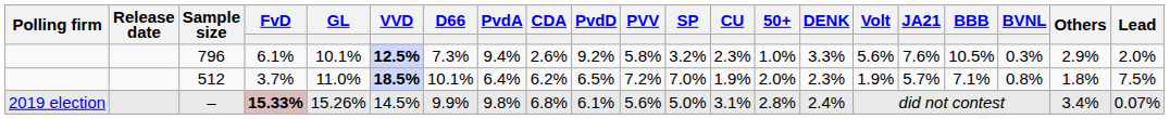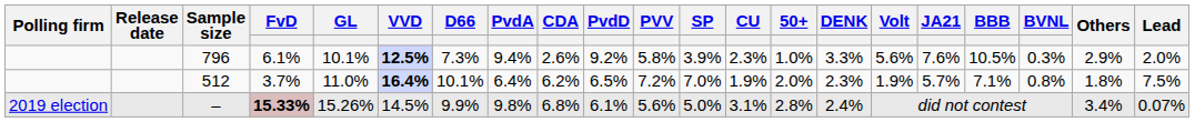 <table class="wikitable sortable tpl-blanktable" style="text-align:center;font-size:90%;line-height:14px;">
 <tr>
 <th rowspan="2">Polling firm</th>
 <th rowspan="2">Release<br>date</th>
 <th rowspan="2">Sample<br>size</th>
 <th class="unsortable" style="width:30px;"><a href='#'>FvD</a></th>
 <th class="unsortable" style="width:30px;"><a href='#'>GL</a></th>
 <th class="unsortable" style="width:30px;"><a href='#'>VVD</a></th>
 <th class="unsortable" style="width:30px;"><a href='#'>D66</a></th>
 <th class="unsortable" style="width:30px;"><a href='#'>PvdA</a></th>
 <th class="unsortable" style="width:30px;"><a href='#'>CDA</a></th>
 <th class="unsortable" style="width:30px;"><a href='#'>PvdD</a></th>
 <th class="unsortable" style="width:30px;"><a href='#'>PVV</a></th>
 <th class="unsortable" style="width:30px;"><a href='#'>SP</a></th>
 <th class="unsortable" style="width:30px;"><a href='#'>CU</a></th>
 <th class="unsortable" style="width:30px;"><a href='#'>50+</a></th>
 <th class="unsortable" style="width:30px;"><a href='#'>DENK</a></th>
 <th class="unsortable" style="width:30px;"><a href='#'>Volt</a></th>
 <th class="unsortable" style="width:30px;"><a href='#'>JA21</a></th>
 <th class="unsortable" style="width:30px;"><a href='#'>BBB</a></th>
 <th class="unsortable" style="width:30px;"><a href='#'>BVNL</a></th>
 <th class="unsortable" style="width:30px;" rowspan="2">Others</th>
 <th rowspan="2">Lead</th>
 </tr>
 <tr>
 <th data-sort-type="number" style="background:"></th>
 <th data-sort-type="number" style="background:"></th>
 <th data-sort-type="number" style="background:"></th>
 <th data-sort-type="number" style="background:"></th>
 <th data-sort-type="number" style="background:"></th>
 <th data-sort-type="number" style="background:"></th>
 <th data-sort-type="number" style="background:"></th>
 <th data-sort-type="number" style="background:"></th>
 <th data-sort-type="number" style="background:"></th>
 <th data-sort-type="number" style="background:"></th>
 <th data-sort-type="number" style="background:"></th>
 <th data-sort-type="number" style="background:"></th>
 <th data-sort-type="number" style="background:"></th>
 <th data-sort-type="number" style="background:"></th>
 <th data-sort-type="number" style="background:"></th>
 <th data-sort-type="number" style="background:"></th>
 </tr>
 <tr>
 <td></td>
 <td></td>
 <td>796</td>
 <td>6.1%</td>
 <td>10.1%</td>
 <td style="background:#CED7FD;"><strong>12.5%</strong></td>
 <td>7.3%</td>
 <td>9.4%</td>
 <td>2.6%</td>
 <td>9.2%</td>
 <td>5.8%</td>
-<td>3.2%</td>
+<td>3.9%</td>
 <td>2.3%</td>
 <td>1.0%</td>
 <td>3.3%</td>
 <td>5.6%</td>
 <td>7.6%</td>
 <td>10.5%</td>
 <td>0.3%</td>
 <td>2.9%</td>
 <td style="background:">2.0%</td>
 </tr>
 <tr>
 <td></td>
 <td></td>
 <td>512</td>
 <td>3.7%</td>
 <td>11.0%</td>
-<td style="background:#CED7FD;"><strong>18.5%</strong></td>
+<td style="background:#CED7FD;"><strong>16.4%</strong></td>
 <td>10.1%</td>
 <td>6.4%</td>
 <td>6.2%</td>
 <td>6.5%</td>
 <td>7.2%</td>
 <td>7.0%</td>
 <td>1.9%</td>
 <td>2.0%</td>
 <td>2.3%</td>
 <td>1.9%</td>
 <td>5.7%</td>
 <td>7.1%</td>
 <td>0.8%</td>
 <td>1.8%</td>
 <td style="background:">7.5%</td>
 </tr>
 <tr style="background:#E9E9E9;">
 <td><a href='#'>2019 election</a></td>
 <td></td>
 <td>–</td>
 <td style="background:#DBBDBD;"><strong>15.33%</strong></td>
 <td>15.26%</td>
 <td>14.5%</td>
 <td>9.9%</td>
 <td>9.8%</td>
 <td>6.8%</td>
 <td>6.1%</td>
 <td>5.6%</td>
 <td>5.0%</td>
 <td>3.1%</td>
 <td>2.8%</td>
 <td>2.4%</td>
 <td colspan=4><em>did not contest</em></td>
 <td>3.4%</td>
 <td style="background:">0.07%</td>
 </tr>
 </table>
